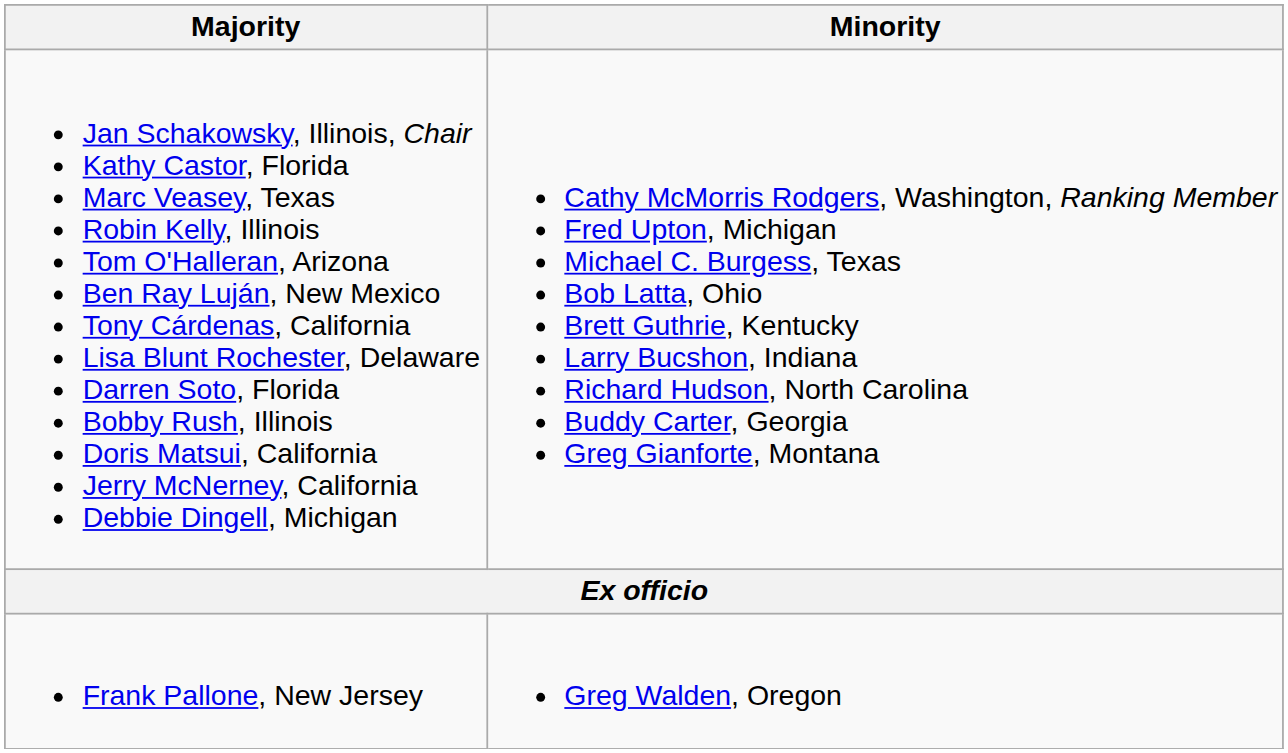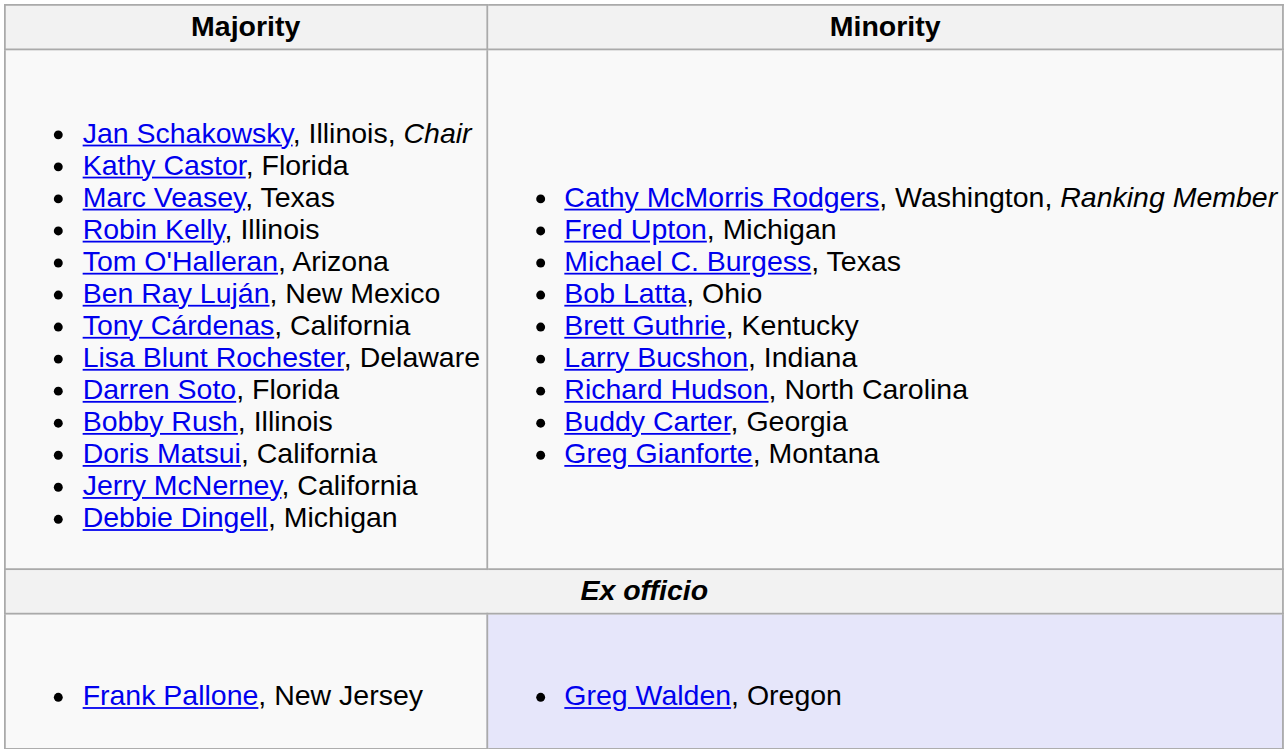 <table class=wikitable>
 <tr>
 <th>Majority</th>
 <th>Minority</th>
 </tr>
 <tr>
 <td><br><ul><li><a href='#'>Jan Schakowsky</a>, Illinois, <em>Chair</em></li><li><a href='#'>Kathy Castor</a>, Florida</li><li><a href='#'>Marc Veasey</a>, Texas</li><li><a href='#'>Robin Kelly</a>, Illinois</li><li><a href='#'>Tom O'Halleran</a>, Arizona</li><li><a href='#'>Ben Ray Luján</a>, New Mexico</li><li><a href='#'>Tony Cárdenas</a>, California</li><li><a href='#'>Lisa Blunt Rochester</a>, Delaware</li><li><a href='#'>Darren Soto</a>, Florida</li><li><a href='#'>Bobby Rush</a>, Illinois</li><li><a href='#'>Doris Matsui</a>, California</li><li><a href='#'>Jerry McNerney</a>, California</li><li><a href='#'>Debbie Dingell</a>, Michigan</li></ul></td>
 <td><br><ul><li><a href='#'>Cathy McMorris Rodgers</a>, Washington, <em>Ranking Member</em></li><li><a href='#'>Fred Upton</a>, Michigan</li><li><a href='#'>Michael C. Burgess</a>, Texas</li><li><a href='#'>Bob Latta</a>, Ohio</li><li><a href='#'>Brett Guthrie</a>, Kentucky</li><li><a href='#'>Larry Bucshon</a>, Indiana</li><li><a href='#'>Richard Hudson</a>, North Carolina</li><li><a href='#'>Buddy Carter</a>, Georgia</li><li><a href='#'>Greg Gianforte</a>, Montana</li></ul></td>
 </tr>
 <tr>
 <th colspan=2><em>Ex officio</em></th>
 </tr>
 <tr>
 <td><br><ul><li><a href='#'>Frank Pallone</a>, New Jersey</li></ul></td>
-<td><br><ul><li><a href='#'>Greg Walden</a>, Oregon</li></ul></td>
+<td style="background: lavender;"><br><ul><li><a href='#'>Greg Walden</a>, Oregon</li></ul></td>
 </tr>
 </table>
